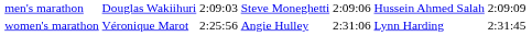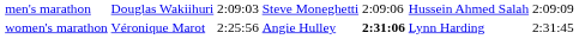 <table>
 <tr>
 <td><a href='#'>men's marathon</a></td>
 <td> <a href='#'>Douglas Wakiihuri</a></td>
 <td>2:09:03</td>
 <td> <a href='#'>Steve Moneghetti</a></td>
 <td>2:09:06</td>
 <td> <a href='#'>Hussein Ahmed Salah</a></td>
 <td>2:09:09</td>
 </tr>
 <tr>
 <td><a href='#'>women's marathon</a></td>
 <td><a href='#'>Véronique Marot</a></td>
 <td>2:25:56</td>
 <td><a href='#'>Angie Hulley</a></td>
-<td>2:31:06</td>
+<td><strong>2:31:06</strong></td>
 <td> <a href='#'>Lynn Harding</a></td>
 <td>2:31:45</td>
 </tr>
 </table>
